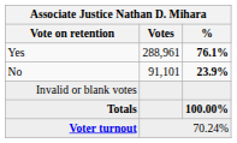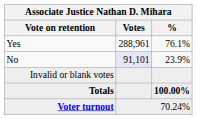 <table class="wikitable" style="font-size: 95%;">
 <tr style="background-color:#E9E9E9">
 <th colspan=7>Associate Justice Nathan D. Mihara</th>
 </tr>
 <tr style="background-color:#E9E9E9">
 <th style="width: 170px">Vote on retention</th>
 <th style="width: 50px">Votes</th>
 <th style="width: 40px">%</th>
 </tr>
 <tr>
 <td>Yes</td>
 <td align="right">288,961</td>
-<td align="right"><strong>76.1%</strong></td>
+<td align="right">76.1%</td>
 </tr>
 <tr>
 <td>No</td>
-<td align="right">91,101</td>
-<td align="right"><strong>23.9%</strong></td>
+<td align="right" style="background: lavender;">91,101</td>
+<td align="right">23.9%</td>
 </tr>
 <tr bgcolor="#EEEEEE">
 <td align="right">Invalid or blank votes</td>
 <td align="right"></td>
 <td align="right"></td>
 </tr>
 <tr bgcolor="#EEEEEE">
 <td align="right"><strong>Totals</strong></td>
 <td align="right"><strong></strong></td>
 <td align="right"><strong>100.00%</strong></td>
 </tr>
 <tr bgcolor="#EEEEEE">
 <td align="right"><strong><a href='#'>Voter turnout</a></strong></td>
 <td colspan="2" align="right">70.24%</td>
 </tr>
 </table>
